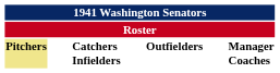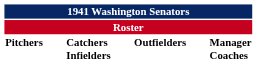 <table class="toccolours" style="font-size: 95%;">
 <tr>
 <th colspan="10" style="background-color: #072764; color: white; text-align: center;">1941 Washington Senators</th>
 </tr>
 <tr>
 <td colspan="10" style="background-color: #c6011f; color: white; text-align: center;"><strong>Roster</strong></td>
 </tr>
 <tr>
-<td valign="top" style="background: khaki;"><strong>Pitchers</strong><br>             </td>
+<td valign="top"><strong>Pitchers</strong><br>             </td>
 <td width="25px"></td>
 <td valign="top"><strong>Catchers</strong><br>    <strong>Infielders</strong>           </td>
 <td width="25px"></td>
 <td valign="top"><strong>Outfielders</strong><br>      </td>
 <td width="25px"></td>
 <td valign="top"><strong>Manager</strong><br> <strong>Coaches</strong>    </td>
 </tr>
 <tr>
 </tr>
 </table>
